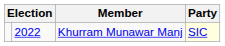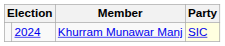 <table class="wikitable">
 <tr>
 <th colspan="2">Election</th>
 <th>Member</th>
 <th>Party</th>
 </tr>
 <tr>
 <td style="background-color: "></td>
-<td><a href='#'>2022</a></td>
+<td><a href='#'>2024</a></td>
 <td><a href='#'>Khurram Munawar Manj</a></td>
 <td style="background: lightyellow;"><a href='#'>SIC</a></td>
 </tr>
 </table>
